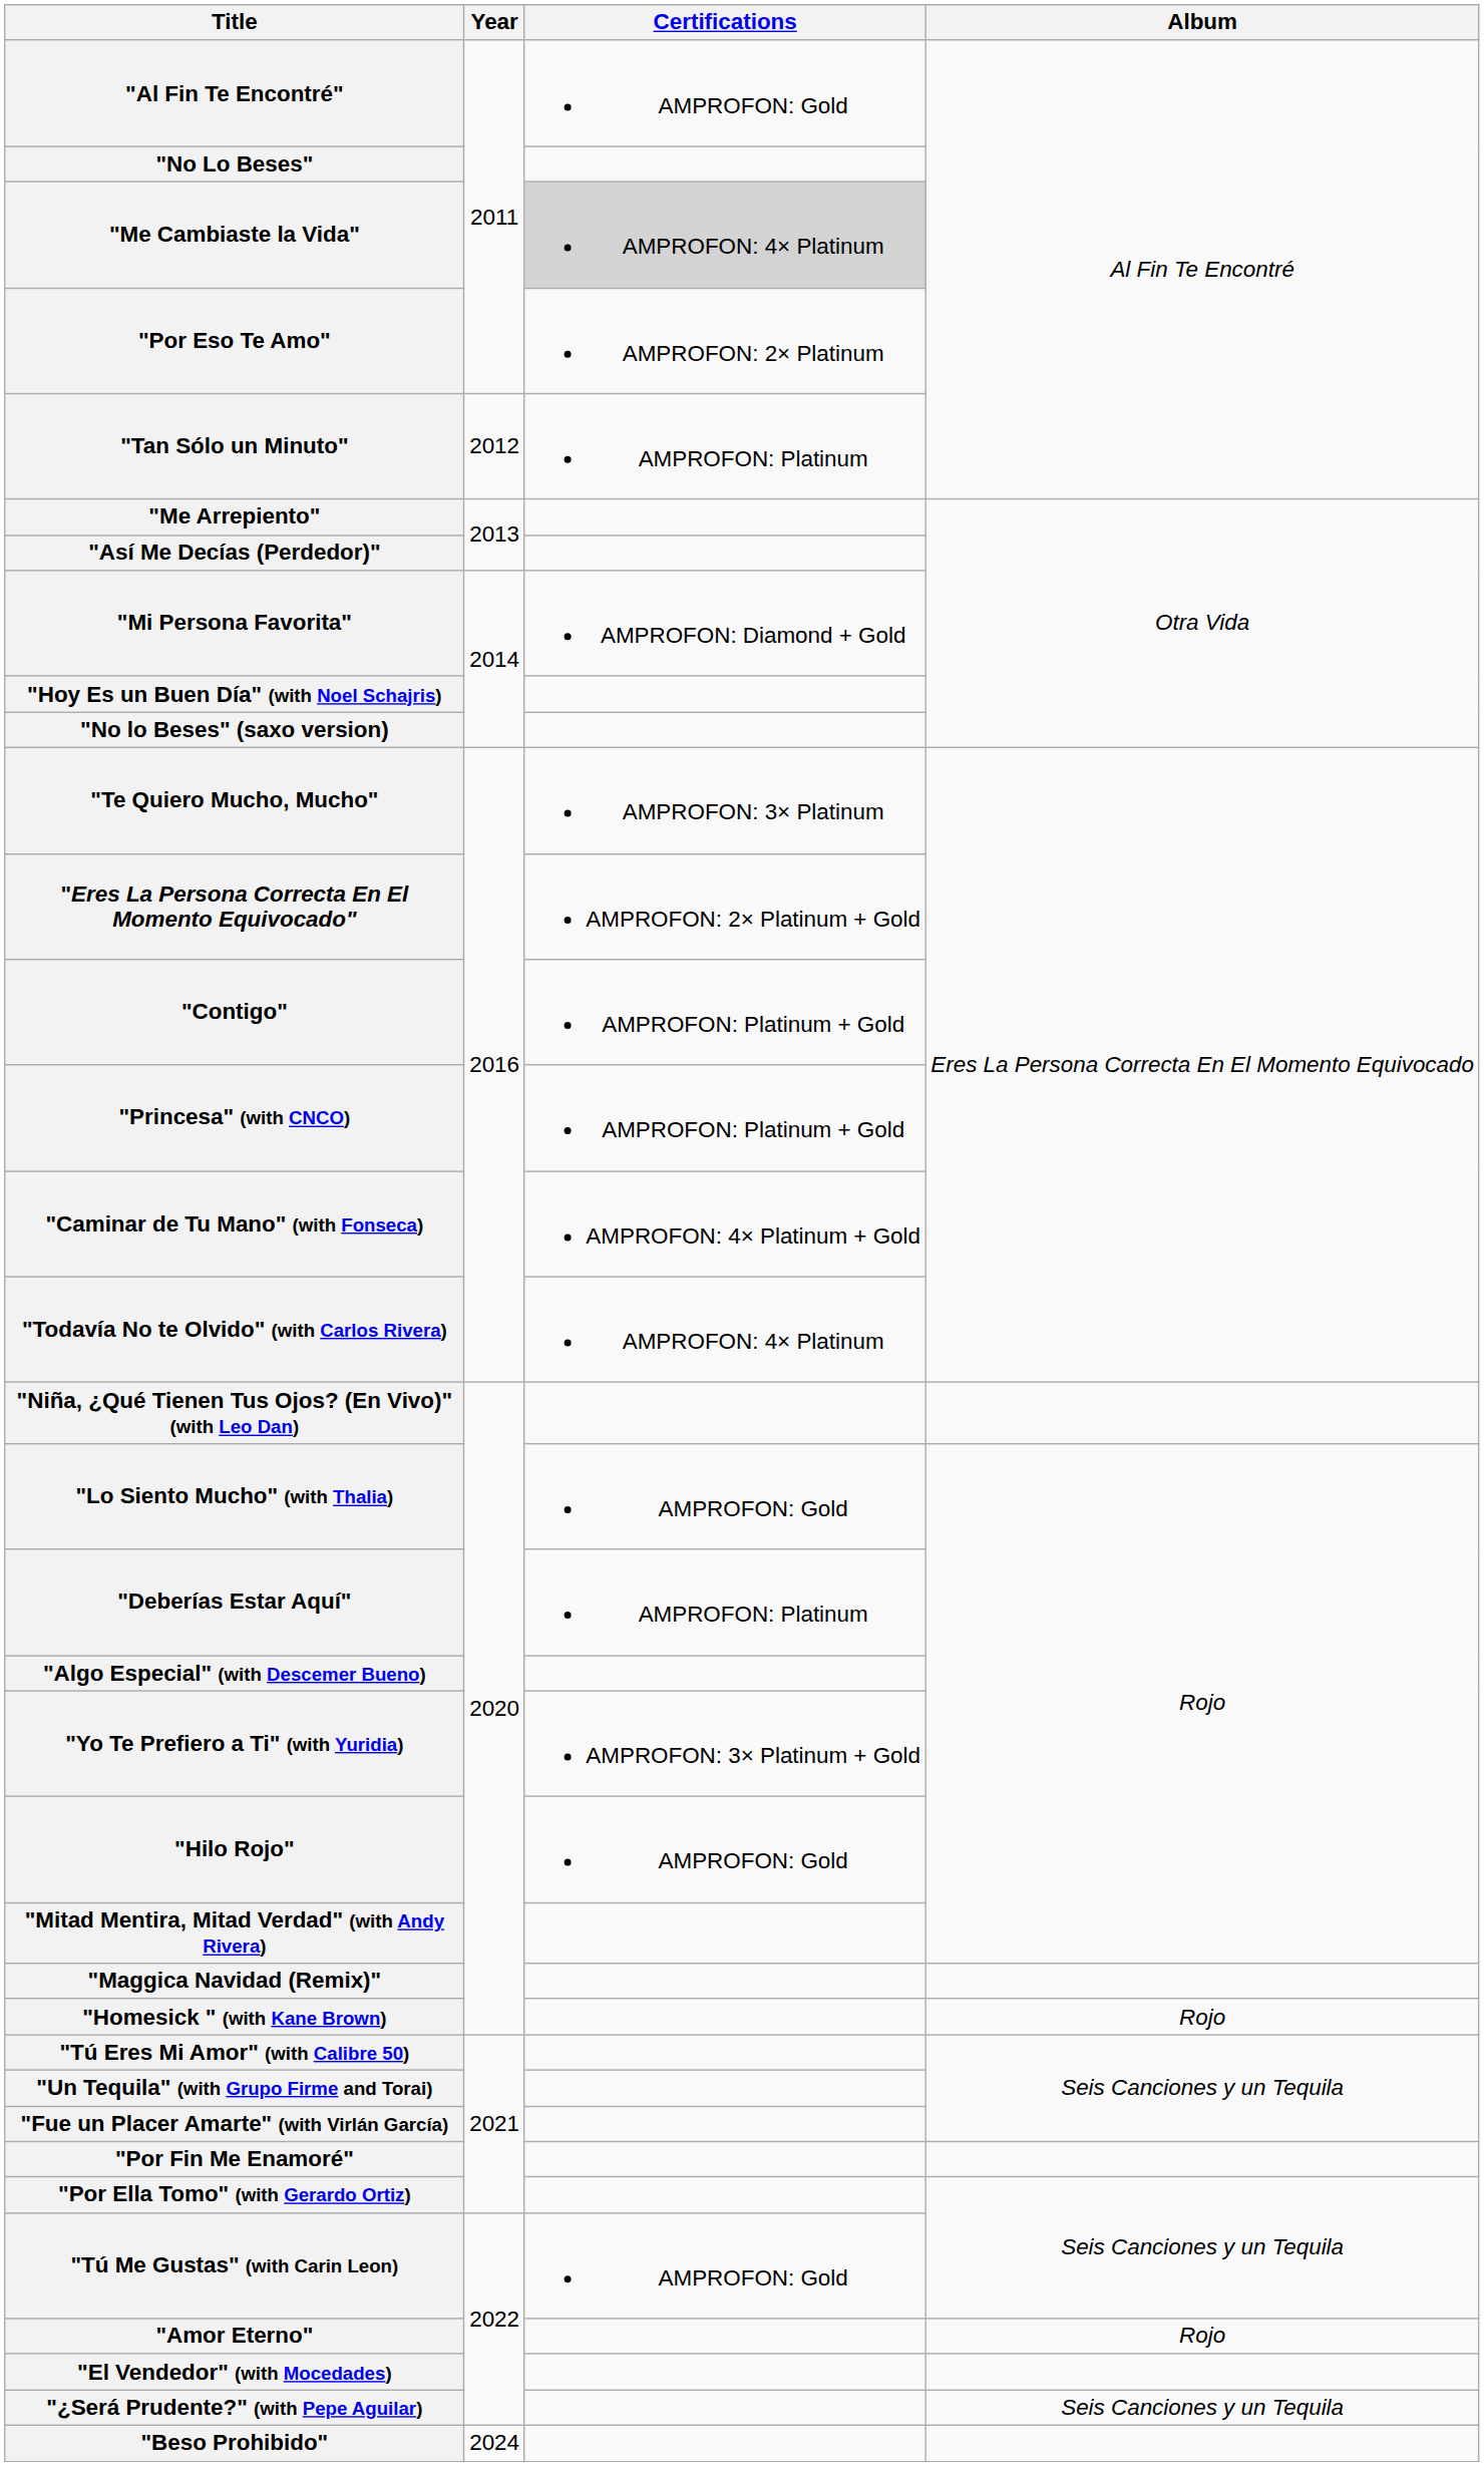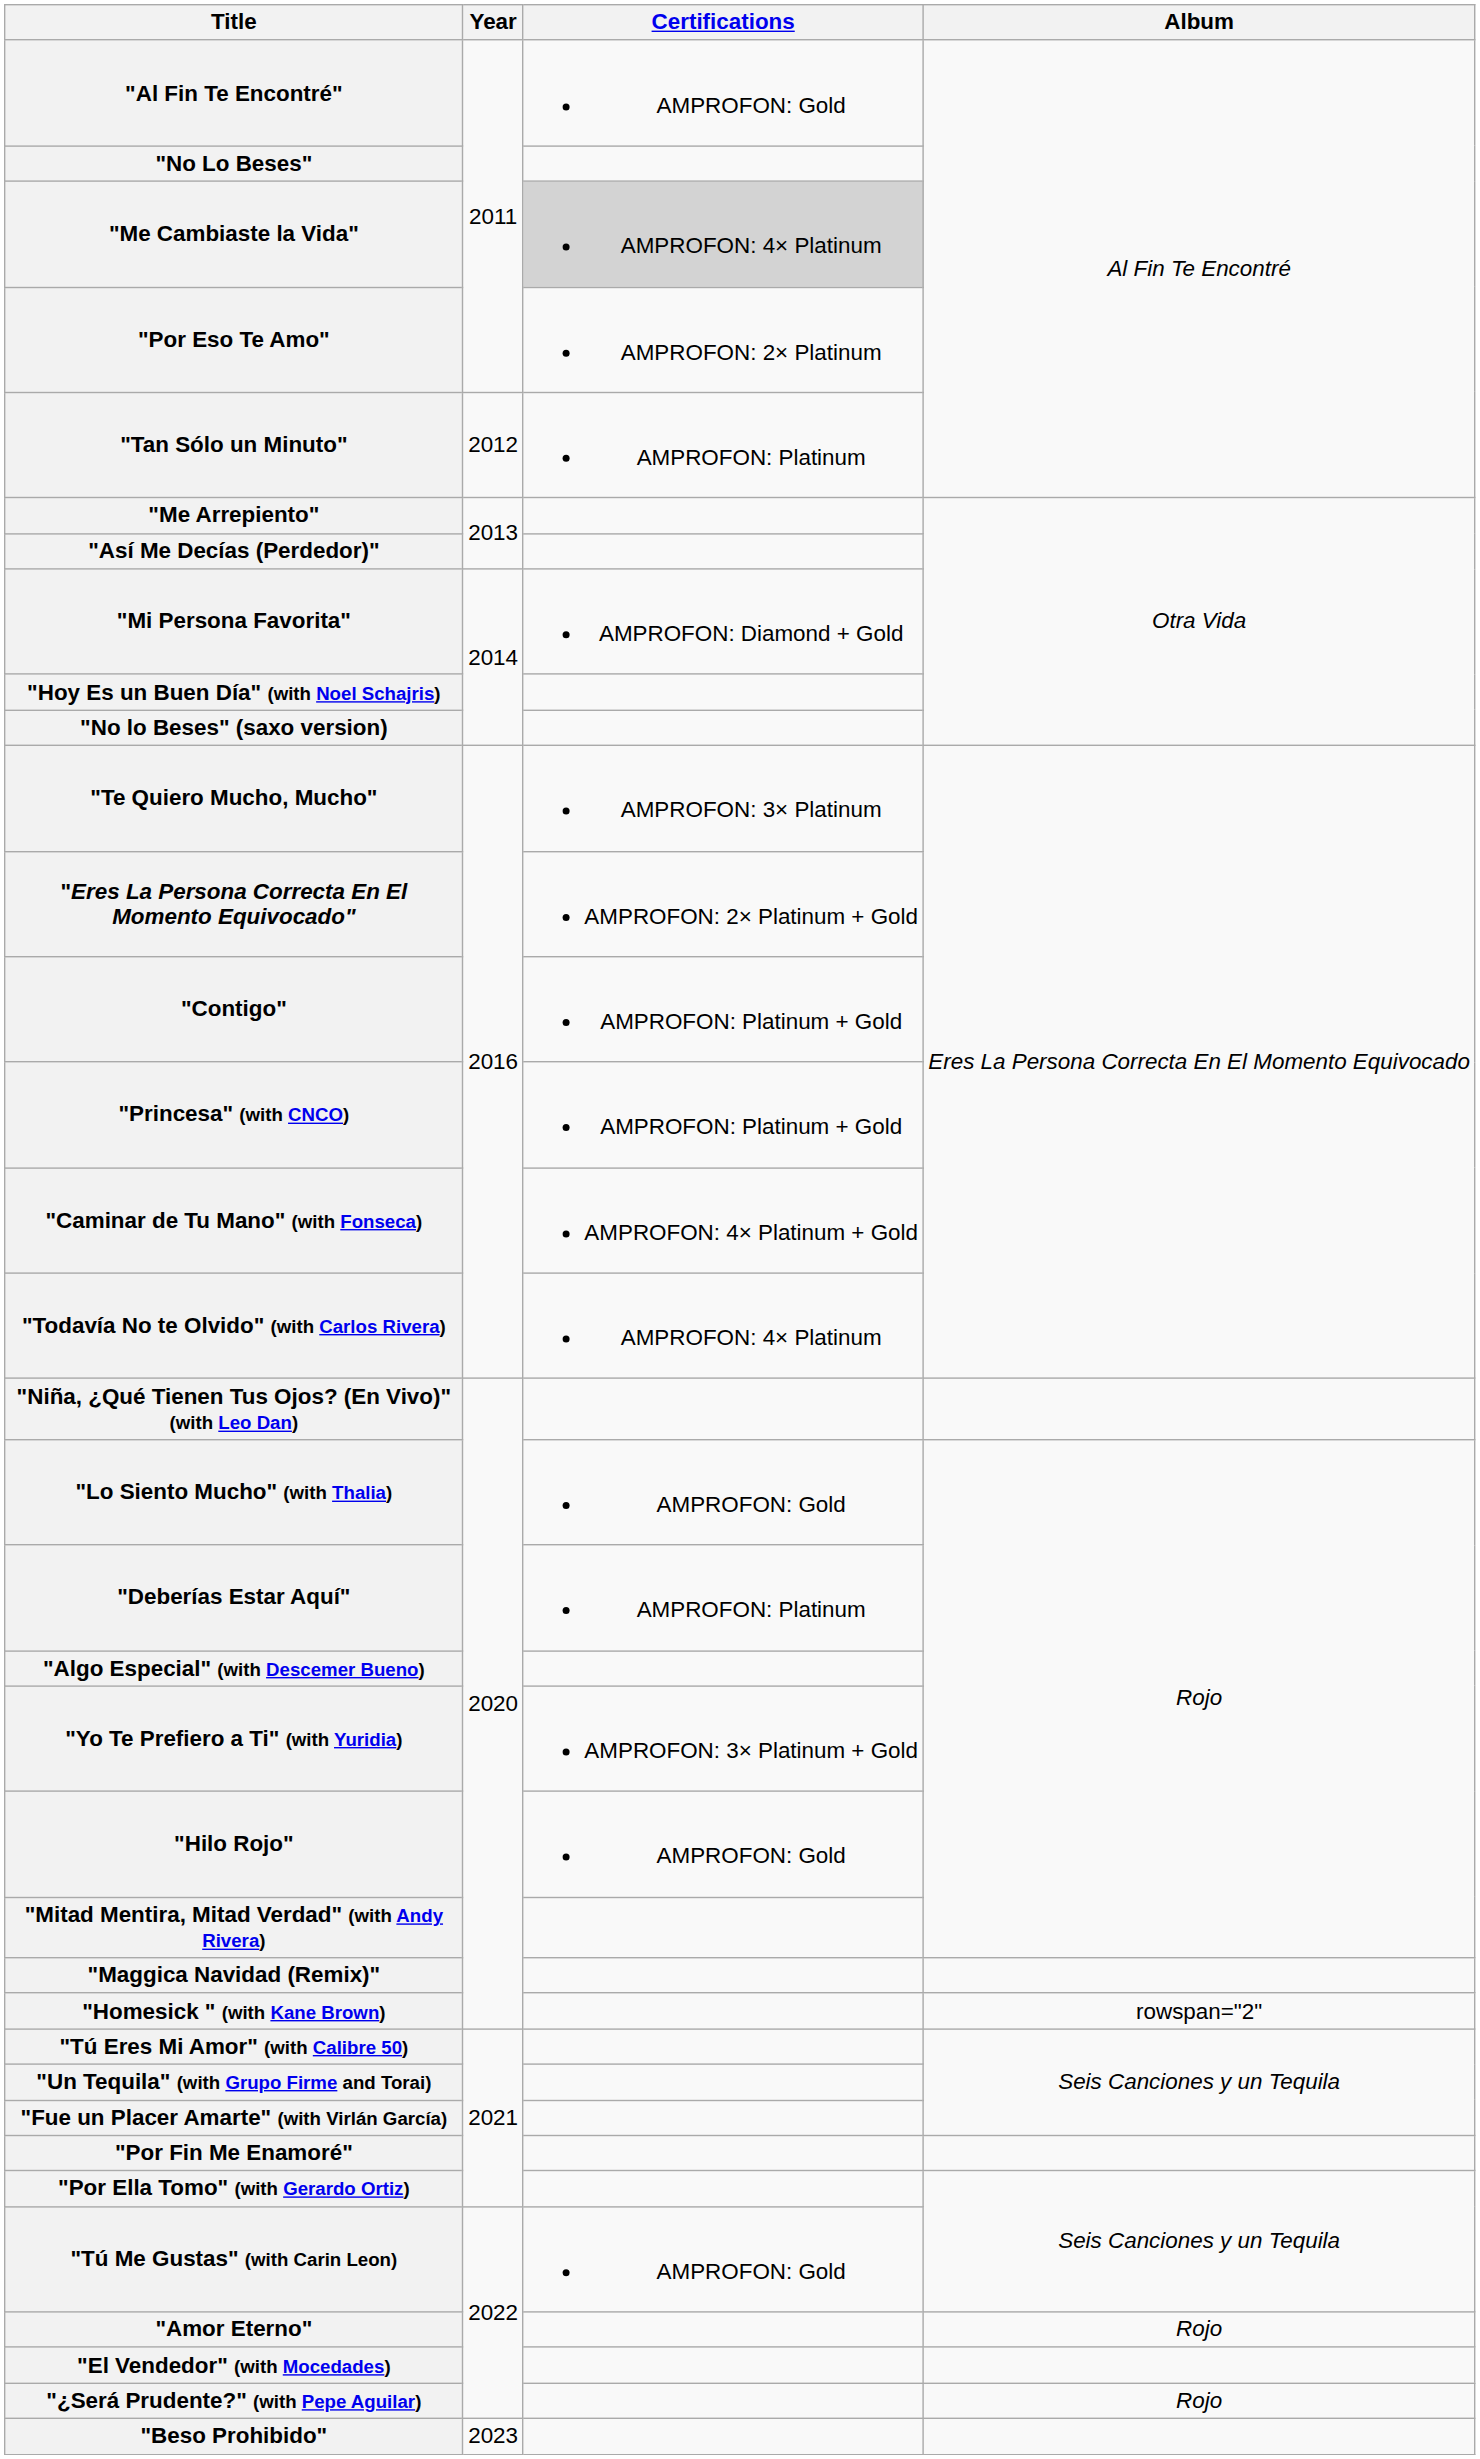 <table class="wikitable plainrowheaders" style="text-align:center;">
 <tr>
 <th scope="col" style="width:20em;">Title</th>
 <th scope="col">Year</th>
 <th><a href='#'>Certifications</a></th>
 <th scope="col">Album</th>
 </tr>
 <tr>
 <th scope="row">"Al Fin Te Encontré"</th>
 <td rowspan="4">2011</td>
 <td><br><ul><li>AMPROFON: Gold</li></ul></td>
 <td rowspan="5"><em>Al Fin Te Encontré</em></td>
 </tr>
 <tr>
 <th scope="row">"No Lo Beses"</th>
 <td></td>
 </tr>
 <tr>
 <th scope="row">"Me Cambiaste la Vida"</th>
 <td style="background: lightgrey;"><br><ul><li>AMPROFON: 4× Platinum</li></ul></td>
 </tr>
 <tr>
 <th scope="row">"Por Eso Te Amo"</th>
 <td><br><ul><li>AMPROFON: 2× Platinum</li></ul></td>
 </tr>
 <tr>
 <th scope="row">"Tan Sólo un Minuto"</th>
 <td>2012</td>
 <td><br><ul><li>AMPROFON: Platinum</li></ul></td>
 </tr>
 <tr>
 <th scope="row">"Me Arrepiento"</th>
 <td rowspan="2">2013</td>
 <td></td>
 <td rowspan="5"><em>Otra Vida</em></td>
 </tr>
 <tr>
 <th scope="row">"Así Me Decías (Perdedor)"</th>
 <td></td>
 </tr>
 <tr>
 <th scope="row">"Mi Persona Favorita"</th>
 <td rowspan="3">2014</td>
 <td><br><ul><li>AMPROFON: Diamond + Gold</li></ul></td>
 </tr>
 <tr>
 <th scope="row">"Hoy Es un Buen Día" <small>(with <a href='#'>Noel Schajris</a>)</small></th>
 <td></td>
 </tr>
 <tr>
 <th scope="row">"No lo Beses" (saxo version)</th>
 <td></td>
 </tr>
 <tr>
 <th scope="row">"Te Quiero Mucho, Mucho"</th>
 <td rowspan="6">2016</td>
 <td><br><ul><li>AMPROFON: 3× Platinum</li></ul></td>
 <td rowspan="6"><em>Eres La Persona Correcta En El Momento Equivocado</em></td>
 </tr>
 <tr>
 <th scope="row">"<em>Eres La Persona Correcta En El Momento Equivocado"</em></th>
 <td><br><ul><li>AMPROFON: 2× Platinum + Gold</li></ul></td>
 </tr>
 <tr>
 <th scope="row">"Contigo"</th>
 <td><br><ul><li>AMPROFON: Platinum + Gold</li></ul></td>
 </tr>
 <tr>
 <th scope="row">"Princesa" <small>(with <a href='#'>CNCO</a>)</small></th>
 <td><br><ul><li>AMPROFON: Platinum + Gold</li></ul></td>
 </tr>
 <tr>
 <th scope="row">"Caminar de Tu Mano" <small>(with <a href='#'>Fonseca</a>)</small></th>
 <td><br><ul><li>AMPROFON: 4× Platinum + Gold</li></ul></td>
 </tr>
 <tr>
 <th scope="row">"Todavía No te Olvido" <small>(with <a href='#'>Carlos Rivera</a>)</small></th>
 <td><br><ul><li>AMPROFON: 4× Platinum</li></ul></td>
 </tr>
 <tr>
 <th scope="row">"Niña, ¿Qué Tienen Tus Ojos? (En Vivo)" <small>(with <a href='#'>Leo Dan</a>)</small></th>
 <td rowspan="9">2020</td>
 <td></td>
 <td></td>
 </tr>
 <tr>
 <th scope="row">"Lo Siento Mucho" <small>(with <a href='#'>Thalia</a>)</small></th>
 <td><br><ul><li>AMPROFON: Gold</li></ul></td>
 <td rowspan="6"><em>Rojo</em></td>
 </tr>
 <tr>
 <th scope="row">"Deberías Estar Aquí"</th>
 <td><br><ul><li>AMPROFON: Platinum</li></ul></td>
 </tr>
 <tr>
 <th scope="row">"Algo Especial" <small>(with <a href='#'>Descemer Bueno</a>)</small></th>
 <td></td>
 </tr>
 <tr>
 <th scope="row">"Yo Te Prefiero a Ti" <small>(with <a href='#'>Yuridia</a>)</small></th>
 <td><br><ul><li>AMPROFON: 3× Platinum + Gold</li></ul></td>
 </tr>
 <tr>
 <th scope="row">"Hilo Rojo"</th>
 <td><br><ul><li>AMPROFON: Gold</li></ul></td>
 </tr>
 <tr>
 <th scope="row">"Mitad Mentira, Mitad Verdad" <small>(with <a href='#'>Andy Rivera</a>)</small></th>
 <td></td>
 </tr>
 <tr>
 <th scope="row">"Maggica Navidad (Remix)"</th>
 <td></td>
 <td></td>
 </tr>
 <tr>
 <th scope="row">"Homesick " <small>(with <a href='#'>Kane Brown</a>)</small></th>
 <td></td>
-<td><em>Rojo</em></td>
+<td>rowspan="2" </td>
 </tr>
 <tr>
 <th scope="row">"Tú Eres Mi Amor" <small>(with <a href='#'>Calibre 50</a>)</small></th>
 <td rowspan="5">2021</td>
 <td></td>
 <td rowspan="3"><em>Seis Canciones y un Tequila</em></td>
 </tr>
 <tr>
 <th scope="row">"Un Tequila" <small>(with <a href='#'>Grupo Firme</a> and Torai)</small></th>
 <td></td>
 </tr>
 <tr>
 <th scope="row">"Fue un Placer Amarte" <small>(with Virlán García)</small></th>
 <td></td>
 </tr>
 <tr>
 <th scope="row">"Por Fin Me Enamoré"</th>
 <td></td>
 <td></td>
 </tr>
 <tr>
 <th scope="row">"Por Ella Tomo" <small>(with <a href='#'>Gerardo Ortiz</a>)</small></th>
 <td></td>
 <td rowspan="2"><em>Seis Canciones y un Tequila</em></td>
 </tr>
 <tr>
 <th scope="row">"Tú Me Gustas" <small>(with Carin Leon)</small></th>
 <td rowspan="4">2022</td>
 <td><br><ul><li>AMPROFON: Gold</li></ul></td>
 </tr>
 <tr>
 <th scope="row">"Amor Eterno"</th>
 <td></td>
 <td><em>Rojo</em></td>
 </tr>
 <tr>
 <th scope="row">"El Vendedor" <small>(with <a href='#'>Mocedades</a>)</small></th>
 <td></td>
 </tr>
 <tr>
 <th scope="row">"¿Será Prudente?" <small>(with <a href='#'>Pepe Aguilar</a>)</small></th>
 <td></td>
-<td><em>Seis Canciones y un Tequila</em></td>
+<td><em>Rojo</em></td>
 </tr>
 <tr>
 <th scope="row">"Beso Prohibido"</th>
-<td>2024</td>
+<td>2023</td>
 <td></td>
 <td></td>
 </tr>
 </table>
